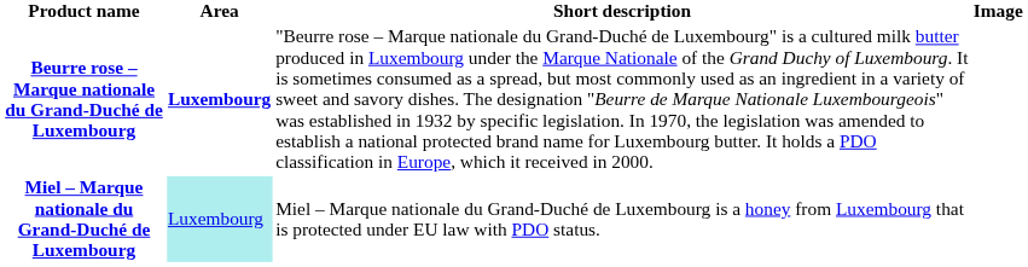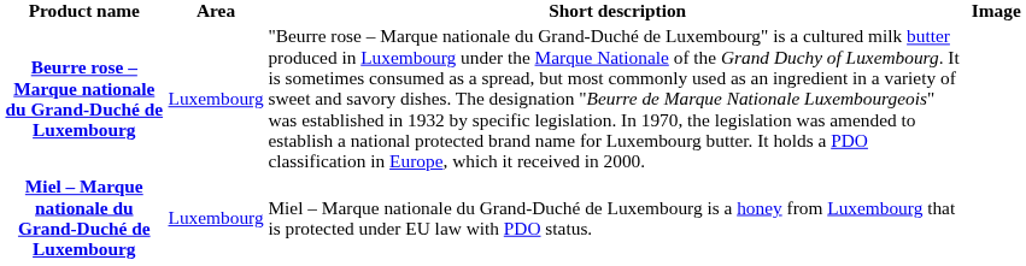 <table>
 <tr>
 <th>Product name</th>
 <th>Area</th>
 <th>Short description</th>
 <th>Image</th>
 </tr>
 <tr>
 <th><a href='#'>Beurre rose – Marque nationale du Grand-Duché de Luxembourg</a></th>
-<td><strong><a href='#'>Luxembourg</a></strong></td>
+<td><a href='#'>Luxembourg</a></td>
 <td>"Beurre rose – Marque nationale du Grand-Duché de Luxembourg" is a cultured milk <a href='#'>butter</a> produced in <a href='#'>Luxembourg</a> under the <a href='#'>Marque Nationale</a> of the <em>Grand Duchy of Luxembourg</em>. It is sometimes consumed as a spread, but most commonly used as an ingredient in a variety of sweet and savory dishes. The designation "<em>Beurre de Marque Nationale Luxembourgeois</em>" was established in 1932 by specific legislation. In 1970, the legislation was amended to establish a national protected brand name for Luxembourg butter. It holds a <a href='#'>PDO</a> classification in <a href='#'>Europe</a>, which it received in 2000.</td>
 <td></td>
 </tr>
 <tr>
 <th><a href='#'>Miel – Marque nationale du Grand-Duché de Luxembourg</a></th>
-<td style="background: paleturquoise;"><a href='#'>Luxembourg</a></td>
+<td><a href='#'>Luxembourg</a></td>
 <td>Miel – Marque nationale du Grand-Duché de Luxembourg is a <a href='#'>honey</a> from <a href='#'>Luxembourg</a> that is protected under EU law with <a href='#'>PDO</a> status.</td>
 <td></td>
 </tr>
 <tr>
 </tr>
 </table>
